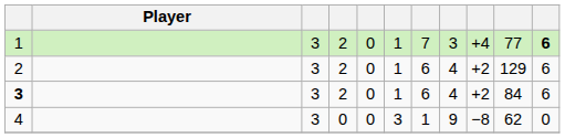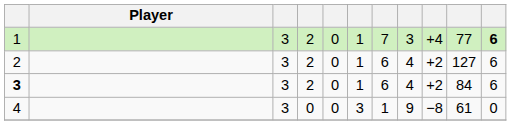 <table class="wikitable" style="text-align:center;">
 <tr>
 <th width=20></th>
 <th width=260>Player</th>
 <th width=20></th>
 <th width=20></th>
 <th width=20></th>
 <th width=20></th>
 <th width=20></th>
 <th width=20></th>
 <th width=20></th>
 <th width=30></th>
 <th width=20></th>
 </tr>
 <tr style="background:#D0F0C0;">
 <td>1</td>
 <td align=left> <small></small></td>
 <td>3</td>
 <td>2</td>
 <td>0</td>
 <td>1</td>
 <td>7</td>
 <td>3</td>
 <td>+4</td>
 <td>77</td>
 <td><strong>6</strong></td>
 </tr>
 <tr>
 <td>2</td>
 <td align=left> <small></small></td>
 <td>3</td>
 <td>2</td>
 <td>0</td>
 <td>1</td>
 <td>6</td>
 <td>4</td>
 <td>+2</td>
-<td>129</td>
+<td>127</td>
 <td>6</td>
 </tr>
 <tr>
 <td><strong>3</strong></td>
 <td align=left> <small></small></td>
 <td>3</td>
 <td>2</td>
 <td>0</td>
 <td>1</td>
 <td>6</td>
 <td>4</td>
 <td>+2</td>
 <td>84</td>
 <td>6</td>
 </tr>
 <tr>
 <td>4</td>
 <td align=left> <small></small></td>
 <td>3</td>
 <td>0</td>
 <td>0</td>
 <td>3</td>
 <td>1</td>
 <td>9</td>
 <td>−8</td>
-<td>62</td>
+<td>61</td>
 <td>0</td>
 </tr>
 <tr>
 </tr>
 </table>
